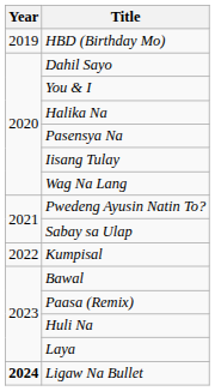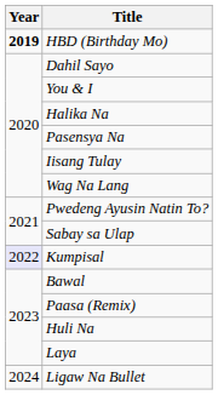 <table class="wikitable">
 <tr>
 <th>Year</th>
 <th>Title</th>
 </tr>
 <tr>
-<td>2019</td>
+<td><strong>2019</strong></td>
 <td><em>HBD (Birthday Mo)</em><br></td>
 </tr>
 <tr>
 <td rowspan="6">2020</td>
 <td><em>Dahil Sayo</em><br></td>
 </tr>
 <tr>
 <td><em>You & I</em><br></td>
 </tr>
 <tr>
 <td><em>Halika Na</em><br></td>
 </tr>
 <tr>
 <td><em>Pasensya Na</em><br></td>
 </tr>
 <tr>
 <td><em>Iisang Tulay</em><br></td>
 </tr>
 <tr>
 <td><em>Wag Na Lang</em><br></td>
 </tr>
 <tr>
 <td rowspan="2">2021</td>
 <td><em>Pwedeng Ayusin Natin To?</em><br></td>
 </tr>
 <tr>
 <td><em>Sabay sa Ulap</em><br></td>
 </tr>
 <tr>
-<td>2022</td>
+<td style="background: lavender;">2022</td>
 <td><em>Kumpisal</em><br></td>
 </tr>
 <tr>
 <td rowspan="4">2023</td>
 <td><em>Bawal</em><br></td>
 </tr>
 <tr>
 <td><em>Paasa (Remix)</em><br></td>
 </tr>
 <tr>
 <td><em>Huli Na</em><br></td>
 </tr>
 <tr>
 <td><em>Laya</em><br></td>
 </tr>
 <tr>
-<td><strong>2024</strong></td>
+<td>2024</td>
 <td><em>Ligaw Na Bullet<br></em></td>
 </tr>
 </table>
